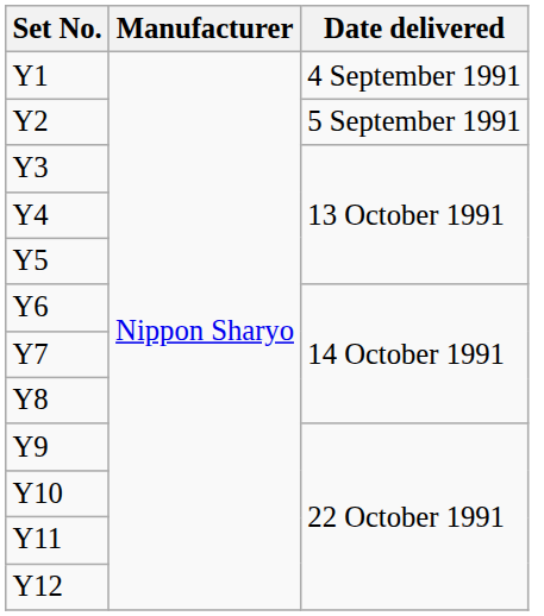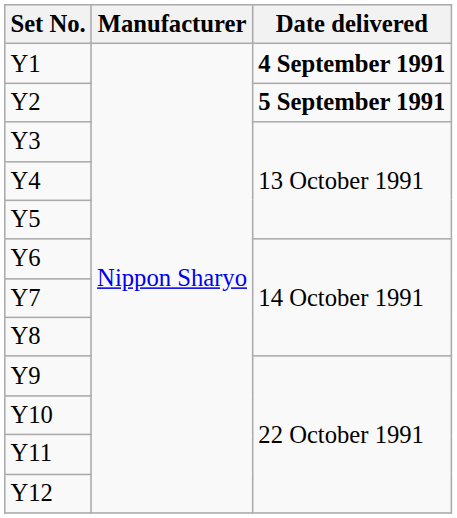 <table class="wikitable">
 <tr>
 <th>Set No.</th>
 <th>Manufacturer</th>
 <th>Date delivered</th>
 </tr>
 <tr>
 <td>Y1</td>
 <td rowspan="12"><a href='#'>Nippon Sharyo</a></td>
-<td>4 September 1991</td>
+<td><strong>4 September 1991</strong></td>
 </tr>
 <tr>
 <td>Y2</td>
-<td>5 September 1991</td>
+<td><strong>5 September 1991</strong></td>
 </tr>
 <tr>
 <td>Y3</td>
 <td rowspan="3">13 October 1991</td>
 </tr>
 <tr>
 <td>Y4</td>
 </tr>
 <tr>
 <td>Y5</td>
 </tr>
 <tr>
 <td>Y6</td>
 <td rowspan="3">14 October 1991</td>
 </tr>
 <tr>
 <td>Y7</td>
 </tr>
 <tr>
 <td>Y8</td>
 </tr>
 <tr>
 <td>Y9</td>
 <td rowspan="4">22 October 1991</td>
 </tr>
 <tr>
 <td>Y10</td>
 </tr>
 <tr>
 <td>Y11</td>
 </tr>
 <tr>
 <td>Y12</td>
 </tr>
 </table>
